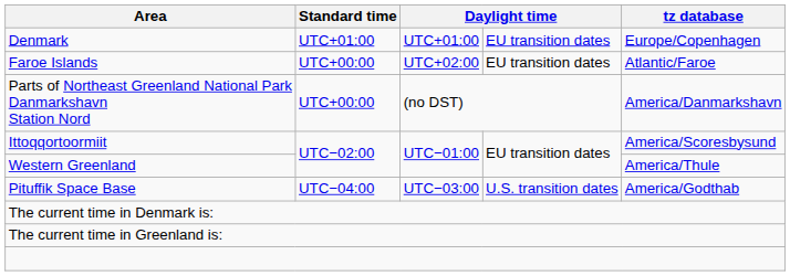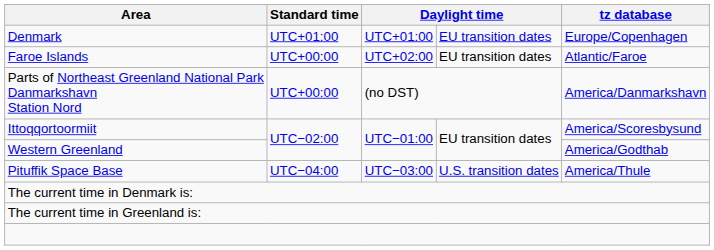 <table class="wikitable" style="margin-left:1em;align: left">
 <tr>
 <th>Area</th>
 <th>Standard time</th>
 <th colspan=2><a href='#'>Daylight time</a></th>
 <th><a href='#'>tz database</a></th>
 </tr>
 <tr>
 <td><a href='#'>Denmark</a></td>
 <td><a href='#'>UTC+01:00</a></td>
 <td><a href='#'>UTC+01:00</a></td>
 <td><a href='#'>EU transition dates</a></td>
 <td><a href='#'>Europe/Copenhagen</a></td>
 </tr>
 <tr>
 <td><a href='#'>Faroe Islands</a></td>
 <td><a href='#'>UTC+00:00</a></td>
 <td><a href='#'>UTC+02:00</a></td>
 <td>EU transition dates</td>
 <td><a href='#'>Atlantic/Faroe</a></td>
 </tr>
 <tr>
 <td>Parts of <a href='#'>Northeast Greenland National Park</a><br><a href='#'>Danmarkshavn</a><br><a href='#'>Station Nord</a></td>
 <td><a href='#'>UTC+00:00</a></td>
 <td colspan=2>(no DST)</td>
 <td><a href='#'>America/Danmarkshavn</a></td>
 </tr>
 <tr>
 <td><a href='#'>Ittoqqortoormiit</a></td>
 <td rowspan = 2 "style=vertical-align:middle;"><a href='#'>UTC−02:00</a></td>
 <td rowspan = 2 "style=vertical-align:middle;"><a href='#'>UTC−01:00</a></td>
 <td rowspan = 2 "style=vertical-align:middle;">EU transition dates</td>
 <td><a href='#'>America/Scoresbysund</a></td>
 </tr>
 <tr>
 <td><a href='#'>Western Greenland</a></td>
-<td><a href='#'>America/Thule</a></td>
+<td><a href='#'>America/Godthab</a></td>
 </tr>
 <tr>
 <td><a href='#'>Pituffik Space Base</a></td>
 <td><a href='#'>UTC−04:00</a></td>
 <td><a href='#'>UTC−03:00</a></td>
 <td><a href='#'>U.S. transition dates</a></td>
-<td><a href='#'>America/Godthab</a></td>
+<td><a href='#'>America/Thule</a></td>
 </tr>
 <tr>
 <td colspan="9">The current time in Denmark is: <strong></strong></td>
 </tr>
 <tr>
 <td colspan="9">The current time in Greenland is: <strong></strong></td>
 </tr>
 <tr>
 <td colspan="9"><br></td>
 </tr>
 </table>
